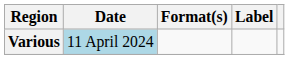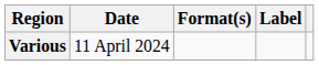 <table class="wikitable plainrowheaders">
 <tr>
 <th scope="col">Region</th>
 <th scope="col">Date</th>
 <th scope="col">Format(s)</th>
 <th scope="col">Label</th>
 <th scope="col"></th>
 </tr>
 <tr>
 <th scope="row">Various</th>
-<td style="background: lightblue;">11 April 2024</td>
+<td>11 April 2024</td>
 <td></td>
 <td rowspan="2"></td>
 <td align="center"></td>
 </tr>
 <tr>
 </tr>
 </table>
